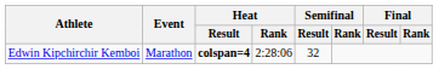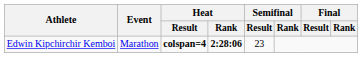 <table class="wikitable" style="font-size:90%">
 <tr>
 <th rowspan="2">Athlete</th>
 <th rowspan="2">Event</th>
 <th colspan="2">Heat</th>
 <th colspan="2">Semifinal</th>
 <th colspan="2">Final</th>
 </tr>
 <tr style="font-size:95%">
 <th>Result</th>
 <th>Rank</th>
 <th>Result</th>
 <th>Rank</th>
 <th>Result</th>
 <th>Rank</th>
 </tr>
 <tr style=text-align:center>
 <td style=text-align:left><a href='#'>Edwin Kipchirchir Kemboi</a></td>
 <td style=text-align:left><a href='#'>Marathon</a></td>
 <td><strong>colspan=4 </strong></td>
-<td>2:28:06</td>
-<td>32</td>
+<td><strong>2:28:06</strong></td>
+<td>23</td>
 </tr>
 </table>
